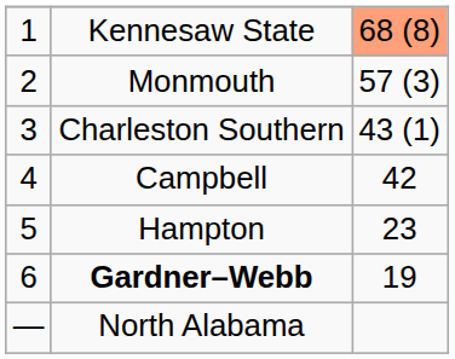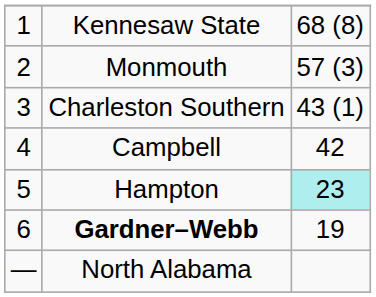 <table class="wikitable" style="display: inline-table;">
 <tr align="center">
 </tr>
 <tr align="center">
 <td>1</td>
 <td>Kennesaw State</td>
-<td style="background: lightsalmon;">68 (8)</td>
+<td>68 (8)</td>
 </tr>
 <tr align="center">
 <td>2</td>
 <td>Monmouth</td>
 <td>57 (3)</td>
 </tr>
 <tr align="center">
 <td>3</td>
 <td>Charleston Southern</td>
 <td>43 (1)</td>
 </tr>
 <tr align="center">
 <td>4</td>
 <td>Campbell</td>
 <td>42</td>
 </tr>
 <tr align="center">
 <td>5</td>
 <td>Hampton</td>
-<td>23</td>
+<td style="background: paleturquoise;">23</td>
 </tr>
 <tr align="center">
 <td>6</td>
 <td><strong>Gardner–Webb</strong></td>
 <td>19</td>
 </tr>
 <tr align="center">
 <td>—</td>
 <td>North Alabama</td>
 <td></td>
 </tr>
 </table>
